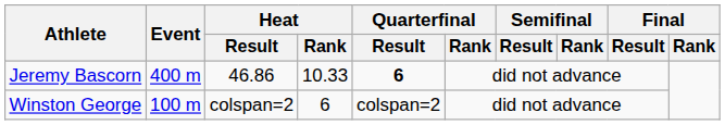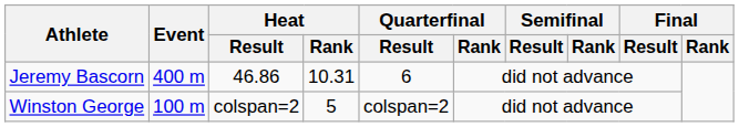 <table class="wikitable" style="font-size:90%">
 <tr>
 <th rowspan="2">Athlete</th>
 <th rowspan="2">Event</th>
 <th colspan="2">Heat</th>
 <th colspan="2">Quarterfinal</th>
 <th colspan="2">Semifinal</th>
 <th colspan="2">Final</th>
 </tr>
 <tr style="font-size:95%">
 <th>Result</th>
 <th>Rank</th>
 <th>Result</th>
 <th>Rank</th>
 <th>Result</th>
 <th>Rank</th>
 <th>Result</th>
 <th>Rank</th>
 </tr>
 <tr align=center>
 <td align=left><a href='#'>Jeremy Bascorn</a></td>
 <td align=left><a href='#'>400 m</a></td>
 <td>46.86</td>
-<td>10.33</td>
-<td><strong>6</strong></td>
+<td>10.31</td>
+<td>6</td>
 <td colspan=4>did not advance</td>
 </tr>
 <tr align=center>
 <td align=left><a href='#'>Winston George</a></td>
 <td align=left><a href='#'>100 m</a></td>
 <td>colspan=2 </td>
-<td>6</td>
+<td>5</td>
 <td>colspan=2 </td>
 <td colspan=4>did not advance</td>
 </tr>
 </table>
